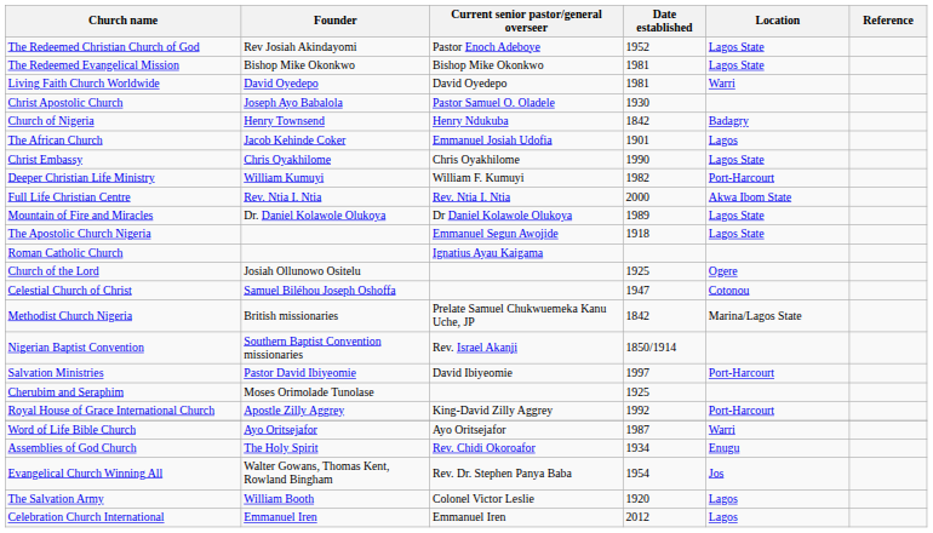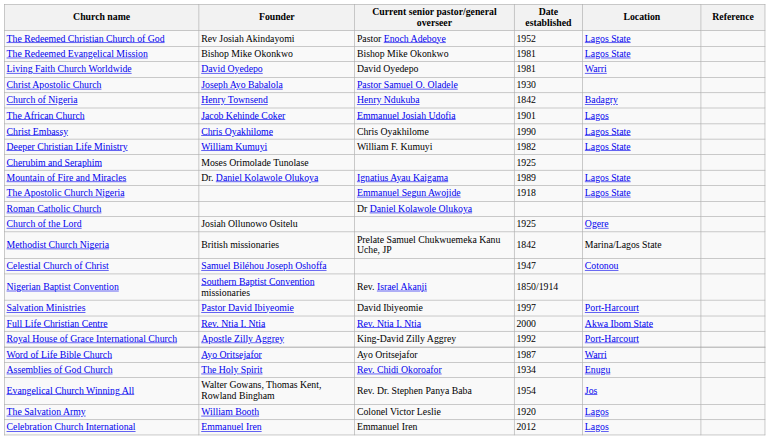 <table class="wikitable sortable">
 <tr>
 <th style="width:10%;" class=sortable>Church name</th>
 <th style="width:8%;" class=sortable>Founder</th>
 <th style="width:8%;" class=sortable>Current senior pastor/general overseer</th>
 <th style="width:1.5%;">Date established</th>
 <th style="width:5%;" class=unsortable>Location</th>
 <th style="width:1.5%;" class=unsortable>Reference</th>
 </tr>
 <tr>
 <td style="textalign:left;"><a href='#'>The Redeemed Christian Church of God</a></td>
 <td>Rev Josiah Akindayomi</td>
 <td>Pastor <a href='#'>Enoch Adeboye</a></td>
 <td>1952</td>
 <td><a href='#'>Lagos State</a></td>
 <td></td>
 </tr>
 <tr>
 <td><a href='#'>The Redeemed Evangelical Mission</a></td>
 <td>Bishop Mike Okonkwo</td>
 <td>Bishop Mike Okonkwo</td>
 <td>1981</td>
 <td><a href='#'>Lagos State</a></td>
 <td></td>
 </tr>
 <tr>
 <td style="text-align:left;"><a href='#'>Living Faith Church Worldwide</a></td>
 <td><a href='#'>David Oyedepo</a></td>
 <td>David Oyedepo</td>
 <td>1981</td>
 <td><a href='#'>Warri</a></td>
 <td></td>
 </tr>
 <tr>
 <td style="text-align:left;"><a href='#'>Christ Apostolic Church</a></td>
 <td><a href='#'>Joseph Ayo Babalola</a></td>
 <td><a href='#'>Pastor Samuel O. Oladele</a>  </td>
 <td>1930</td>
 <td></td>
 <td></td>
 </tr>
 <tr>
 <td style="text-align:left;"><a href='#'>Church of Nigeria</a></td>
 <td><a href='#'>Henry Townsend</a></td>
 <td><a href='#'>Henry Ndukuba</a></td>
 <td>1842</td>
 <td><a href='#'>Badagry</a></td>
 <td></td>
 </tr>
 <tr>
 <td style="text-align:left;"><a href='#'>The African Church</a></td>
 <td><a href='#'>Jacob Kehinde Coker</a></td>
 <td><a href='#'>Emmanuel Josiah Udofia</a></td>
 <td>1901</td>
 <td><a href='#'>Lagos</a></td>
 <td></td>
 </tr>
 <tr>
 <td style="text-align:left;"><a href='#'>Christ Embassy</a></td>
 <td><a href='#'>Chris Oyakhilome</a></td>
 <td>Chris Oyakhilome</td>
 <td>1990</td>
 <td><a href='#'>Lagos State</a></td>
 <td></td>
 </tr>
 <tr>
 <td style="text-align:left;"><a href='#'>Deeper Christian Life Ministry</a></td>
 <td><a href='#'>William Kumuyi</a></td>
 <td>William F. Kumuyi</td>
 <td>1982</td>
-<td><a href='#'>Port-Harcourt</a></td>
+<td><a href='#'>Lagos State</a></td>
 <td></td>
 </tr>
 <tr>
-<td style="textalign:left;"><a href='#'>Full Life Christian Centre</a></td>
-<td><a href='#'>Rev. Ntia I. Ntia</a></td>
-<td><a href='#'>Rev. Ntia I. Ntia</a></td>
-<td>2000</td>
-<td><a href='#'>Akwa Ibom State</a></td>
+<td style="text-align:left;"><a href='#'>Cherubim and Seraphim</a></td>
+<td>Moses Orimolade Tunolase</td>
+<td></td>
+<td>1925</td>
+<td></td>
 <td></td>
 </tr>
 <tr>
 <td style="text-align:left;"><a href='#'>Mountain of Fire and Miracles</a></td>
 <td>Dr. <a href='#'>Daniel Kolawole Olukoya</a></td>
-<td>Dr <a href='#'>Daniel Kolawole Olukoya</a></td>
+<td><a href='#'>Ignatius Ayau Kaigama</a></td>
 <td>1989</td>
 <td><a href='#'>Lagos State</a></td>
 <td></td>
 </tr>
 <tr>
 <td style="text-align:left;"><a href='#'>The Apostolic Church Nigeria</a></td>
 <td></td>
 <td><a href='#'>Emmanuel Segun Awojide</a></td>
 <td>1918</td>
 <td><a href='#'>Lagos State</a></td>
 <td></td>
 </tr>
 <tr>
 <td style="text-align:left;"><a href='#'>Roman Catholic Church</a></td>
 <td></td>
-<td><a href='#'>Ignatius Ayau Kaigama</a></td>
+<td>Dr <a href='#'>Daniel Kolawole Olukoya</a></td>
 <td></td>
 <td></td>
 <td></td>
 </tr>
 <tr>
 <td style="text-align:left;"><a href='#'>Church of the Lord</a></td>
 <td>Josiah Ollunowo Ositelu</td>
 <td></td>
 <td>1925</td>
 <td><a href='#'>Ogere</a></td>
 <td></td>
 </tr>
 <tr>
+<td style="text-align:left;"><a href='#'>Methodist Church Nigeria</a></td>
+<td>British missionaries</td>
+<td>Prelate Samuel Chukwuemeka Kanu Uche, JP</td>
+<td>1842</td>
+<td>Marina/Lagos State</td>
+<td></td>
+</tr>
+<tr>
 <td style="text-align:left;"><a href='#'>Celestial Church of Christ</a></td>
 <td><a href='#'>Samuel Biléhou Joseph Oshoffa</a></td>
 <td></td>
 <td>1947</td>
 <td><a href='#'>Cotonou</a></td>
-<td></td>
-</tr>
-<tr>
-<td style="text-align:left;"><a href='#'>Methodist Church Nigeria</a></td>
-<td>British missionaries</td>
-<td>Prelate Samuel Chukwuemeka Kanu Uche, JP</td>
-<td>1842</td>
-<td>Marina/Lagos State</td>
 <td></td>
 </tr>
 <tr>
 <td style="text-align:left;"><a href='#'>Nigerian Baptist Convention</a></td>
 <td><a href='#'>Southern Baptist Convention</a> missionaries</td>
 <td>Rev. <a href='#'>Israel Akanji</a></td>
 <td>1850/1914</td>
 <td></td>
 <td></td>
 </tr>
 <tr>
 <td style="text-align:left;"><a href='#'>Salvation Ministries</a></td>
 <td><a href='#'>Pastor David Ibiyeomie</a></td>
 <td>David Ibiyeomie</td>
 <td>1997</td>
 <td><a href='#'>Port-Harcourt</a></td>
 <td></td>
 </tr>
 <tr>
-<td style="text-align:left;"><a href='#'>Cherubim and Seraphim</a></td>
-<td>Moses Orimolade Tunolase</td>
-<td></td>
-<td>1925</td>
-<td></td>
+<td style="textalign:left;"><a href='#'>Full Life Christian Centre</a></td>
+<td><a href='#'>Rev. Ntia I. Ntia</a></td>
+<td><a href='#'>Rev. Ntia I. Ntia</a></td>
+<td>2000</td>
+<td><a href='#'>Akwa Ibom State</a></td>
 <td></td>
 </tr>
 <tr>
 <td style="text-align:left;"><a href='#'>Royal House of Grace International Church</a></td>
 <td><a href='#'>Apostle Zilly Aggrey</a></td>
 <td>King-David Zilly Aggrey</td>
 <td>1992</td>
 <td><a href='#'>Port-Harcourt</a></td>
 <td></td>
 </tr>
 <tr>
 </tr>
 <tr>
 <td style="text-align:left;"><a href='#'>Word of Life Bible Church</a></td>
 <td><a href='#'>Ayo Oritsejafor</a></td>
 <td>Ayo Oritsejafor</td>
 <td>1987</td>
 <td><a href='#'>Warri</a></td>
 <td></td>
 </tr>
 <tr>
 <td><a href='#'>Assemblies of God Church</a></td>
 <td><a href='#'>The Holy Spirit</a></td>
 <td><a href='#'>Rev. Chidi Okoroafor</a></td>
 <td>1934</td>
 <td><a href='#'>Enugu</a></td>
 <td></td>
 </tr>
 <tr>
 <td style="text-align:left;"><a href='#'>Evangelical Church Winning All</a></td>
 <td>Walter Gowans, Thomas Kent, Rowland Bingham</td>
 <td>Rev. Dr. Stephen Panya Baba</td>
 <td>1954</td>
 <td><a href='#'>Jos</a></td>
 <td></td>
 </tr>
 <tr>
 <td style="text-align:left;"><a href='#'>The Salvation Army</a></td>
 <td><a href='#'>William Booth</a></td>
 <td>Colonel Victor Leslie</td>
 <td>1920</td>
 <td><a href='#'>Lagos</a></td>
 <td></td>
 </tr>
 <tr>
 <td><a href='#'>Celebration Church International</a></td>
 <td><a href='#'>Emmanuel Iren</a></td>
 <td>Emmanuel Iren</td>
 <td>2012</td>
 <td><a href='#'>Lagos</a></td>
 <td></td>
 </tr>
 </table>
